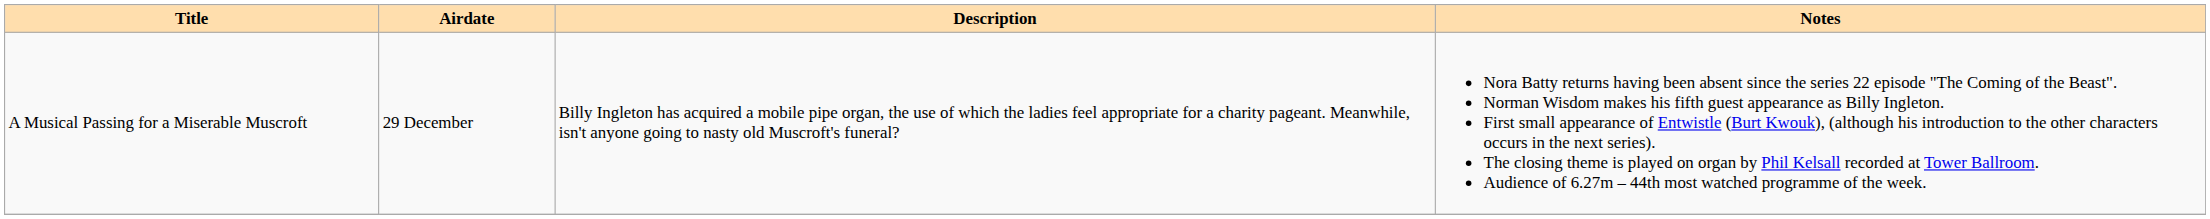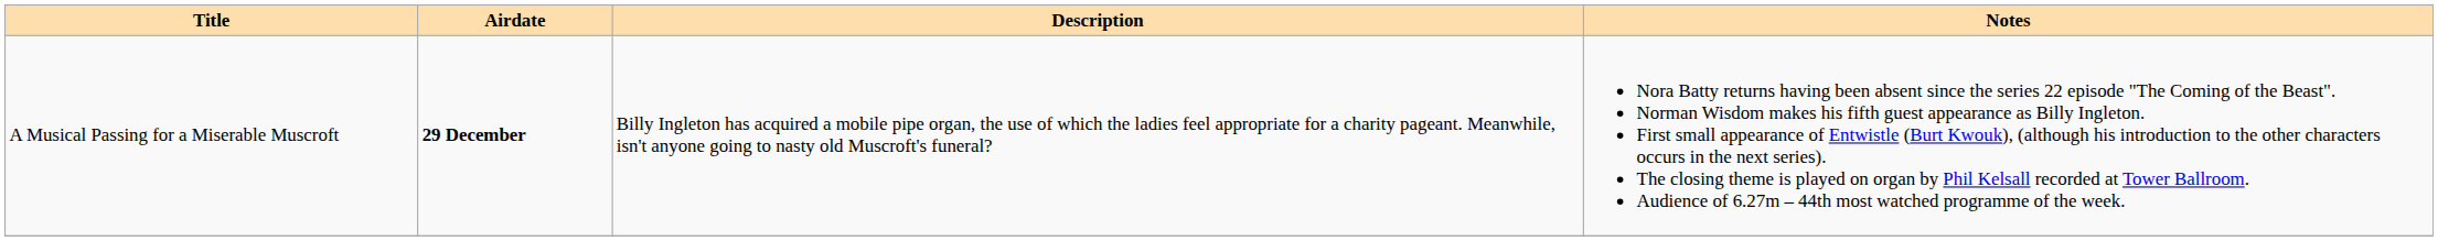 <table class="wikitable" width=100% border=1 style="font-size: 95%">
 <tr>
 <th style="background:#ffdead" width=17%>Title</th>
 <th style="background:#ffdead" width=8%>Airdate</th>
 <th style="background:#ffdead" width=40%>Description</th>
 <th style="background:#ffdead" width=35%>Notes</th>
 </tr>
 <tr>
 <td>A Musical Passing for a Miserable Muscroft</td>
-<td>29 December</td>
+<td><strong>29 December</strong></td>
 <td>Billy Ingleton has acquired a mobile pipe organ, the use of which the ladies feel appropriate for a charity pageant. Meanwhile, isn't anyone going to nasty old Muscroft's funeral?</td>
 <td><br><ul><li>Nora Batty returns having been absent since the series 22 episode "The Coming of the Beast".</li><li>Norman Wisdom makes his fifth guest appearance as Billy Ingleton.</li><li>First small appearance of <a href='#'>Entwistle</a> (<a href='#'>Burt Kwouk</a>), (although his introduction to the other characters occurs in the next series).</li><li>The closing theme is played on organ by <a href='#'>Phil Kelsall</a> recorded at <a href='#'>Tower Ballroom</a>.</li><li>Audience of 6.27m – 44th most watched programme of the week.</li></ul></td>
 </tr>
 <tr>
 </tr>
 </table>
